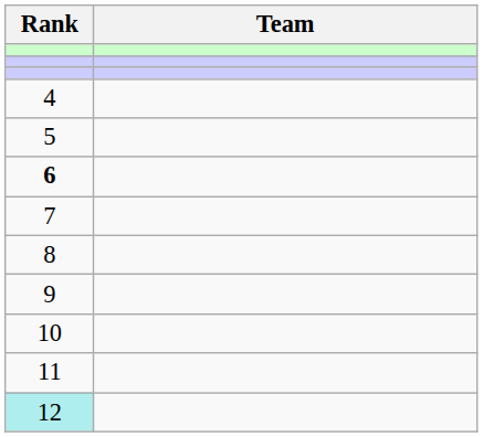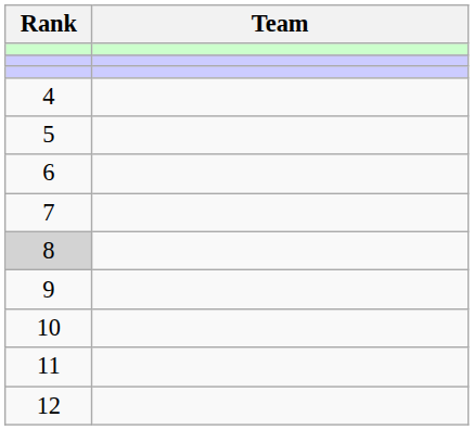 <table class="wikitable" style="text-align: center;">
 <tr>
 <th width="50">Rank</th>
 <th width="240">Team</th>
 </tr>
 <tr bgcolor="ccffcc">
 <td></td>
 <td align="left"></td>
 </tr>
 <tr bgcolor="ccccff">
 <td></td>
 <td align="left"></td>
 </tr>
 <tr bgcolor="ccccff">
 <td></td>
 <td align="left"></td>
 </tr>
 <tr>
 <td>4</td>
 <td align="left"></td>
 </tr>
 <tr>
 <td>5</td>
 <td align="left"></td>
 </tr>
 <tr>
-<td><strong>6</strong></td>
+<td>6</td>
 <td align="left"></td>
 </tr>
 <tr>
 <td>7</td>
 <td align="left"></td>
 </tr>
 <tr>
-<td>8</td>
+<td style="background: lightgrey;">8</td>
 <td align="left"></td>
 </tr>
 <tr>
 <td>9</td>
 <td align="left"></td>
 </tr>
 <tr>
 <td>10</td>
 <td align="left"></td>
 </tr>
 <tr>
 <td>11</td>
 <td align="left"></td>
 </tr>
 <tr>
-<td style="background: paleturquoise;">12</td>
+<td>12</td>
 <td align="left"></td>
 </tr>
 </table>
